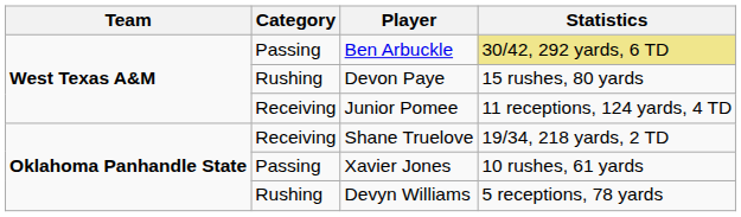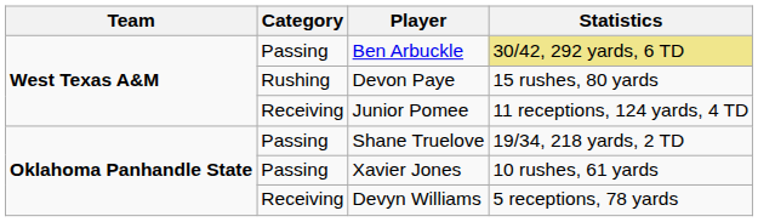 <table class="wikitable" style="float: left;">
 <tr>
 <th>Team</th>
 <th>Category</th>
 <th>Player</th>
 <th>Statistics</th>
 </tr>
 <tr>
 <td rowspan=3><strong>West Texas A&M</strong></td>
 <td>Passing</td>
 <td><a href='#'>Ben Arbuckle</a></td>
 <td style="background: khaki;">30/42, 292 yards, 6 TD</td>
 </tr>
 <tr>
 <td>Rushing</td>
 <td>Devon Paye</td>
 <td>15 rushes, 80 yards</td>
 </tr>
 <tr>
 <td>Receiving</td>
 <td>Junior Pomee</td>
 <td>11 receptions, 124 yards, 4 TD</td>
 </tr>
 <tr>
 <td rowspan=3><strong>Oklahoma Panhandle State</strong></td>
-<td>Receiving</td>
+<td>Passing</td>
 <td>Shane Truelove</td>
 <td>19/34, 218 yards, 2 TD</td>
 </tr>
 <tr>
 <td>Passing</td>
 <td>Xavier Jones</td>
 <td>10 rushes, 61 yards</td>
 </tr>
 <tr>
-<td>Rushing</td>
+<td>Receiving</td>
 <td>Devyn Williams</td>
 <td>5 receptions, 78 yards</td>
 </tr>
 </table>
